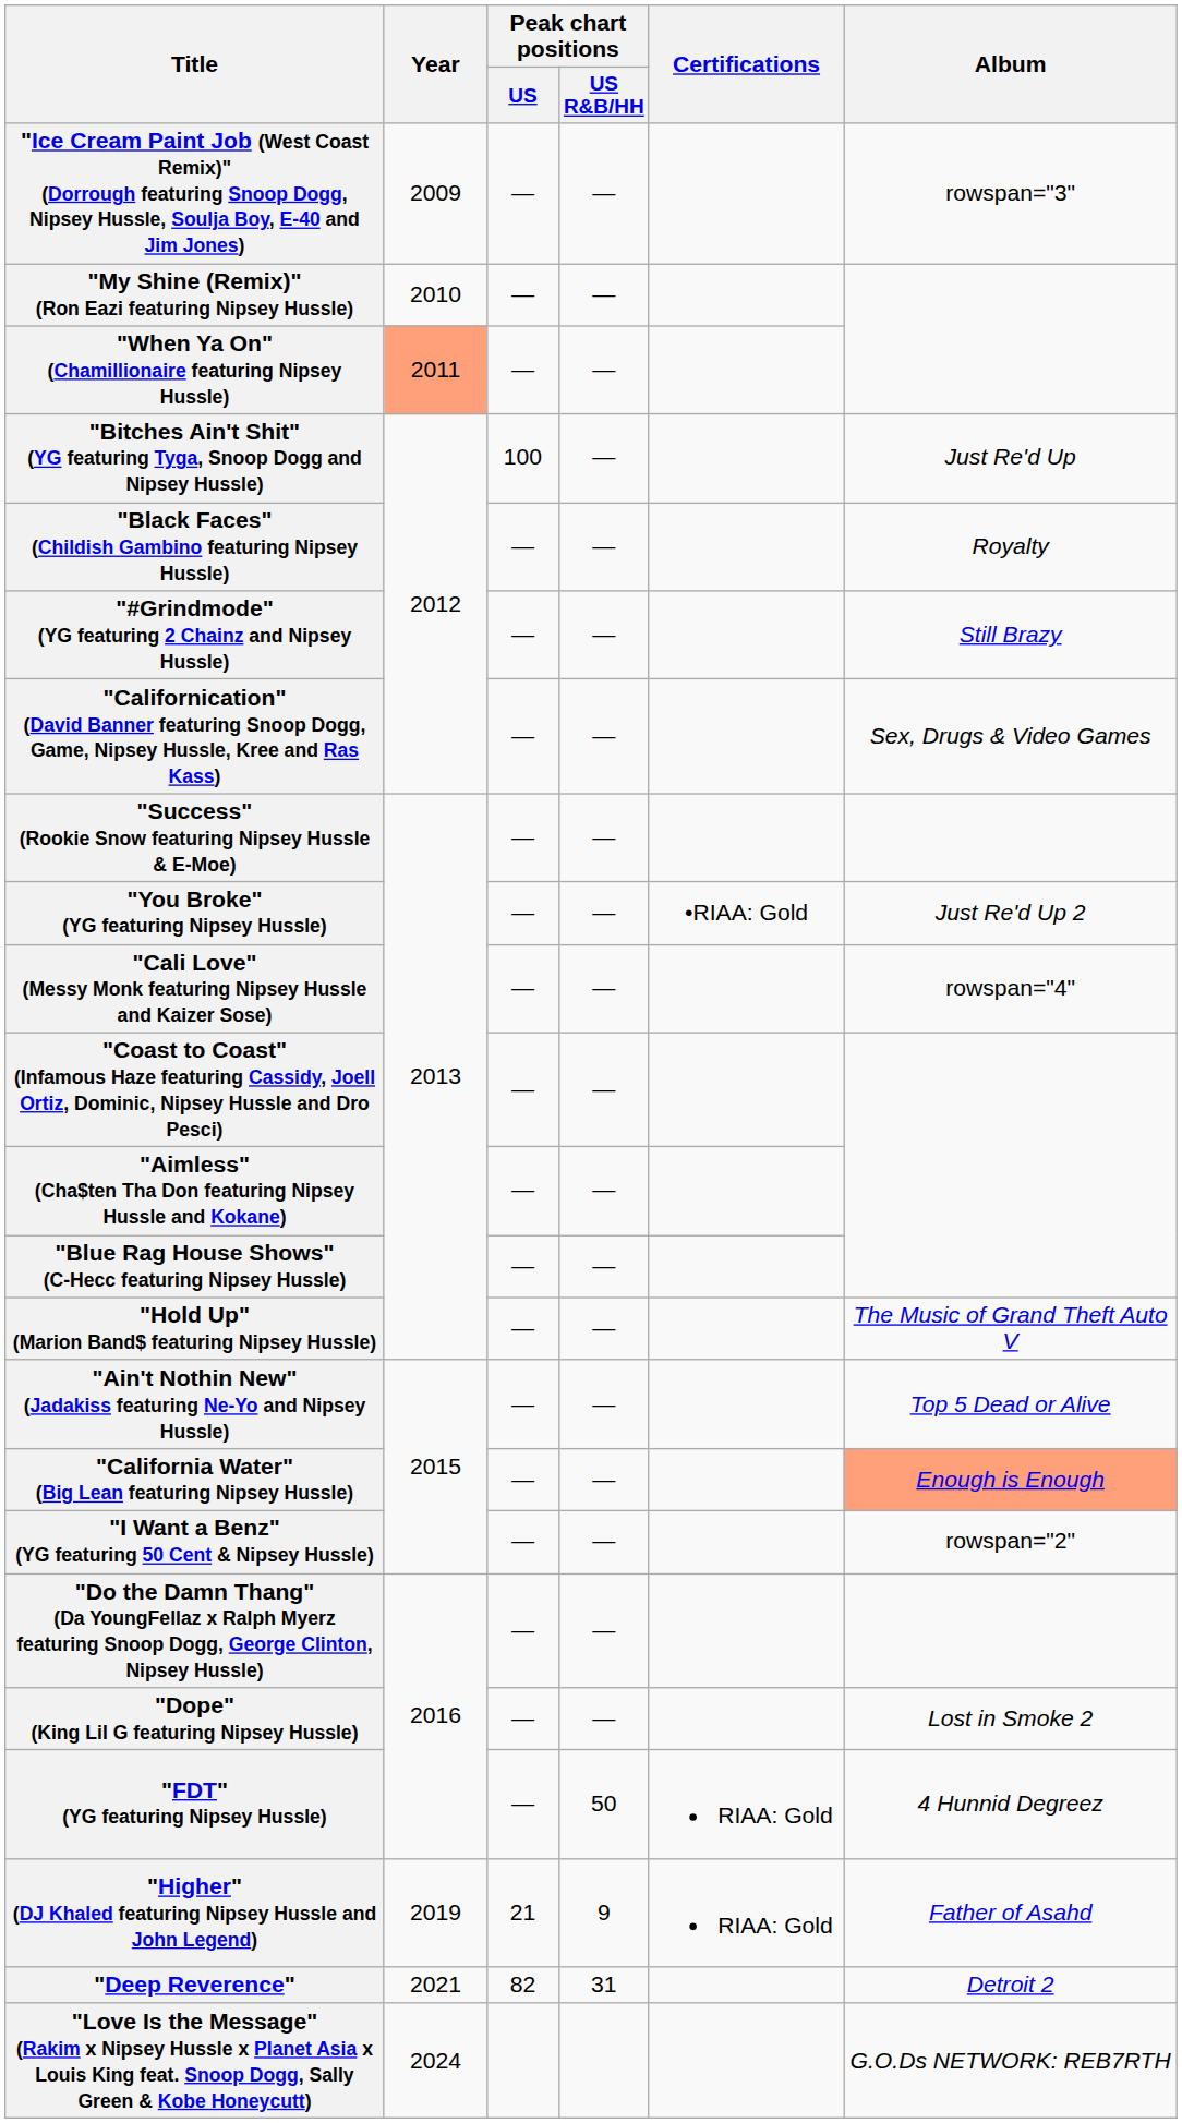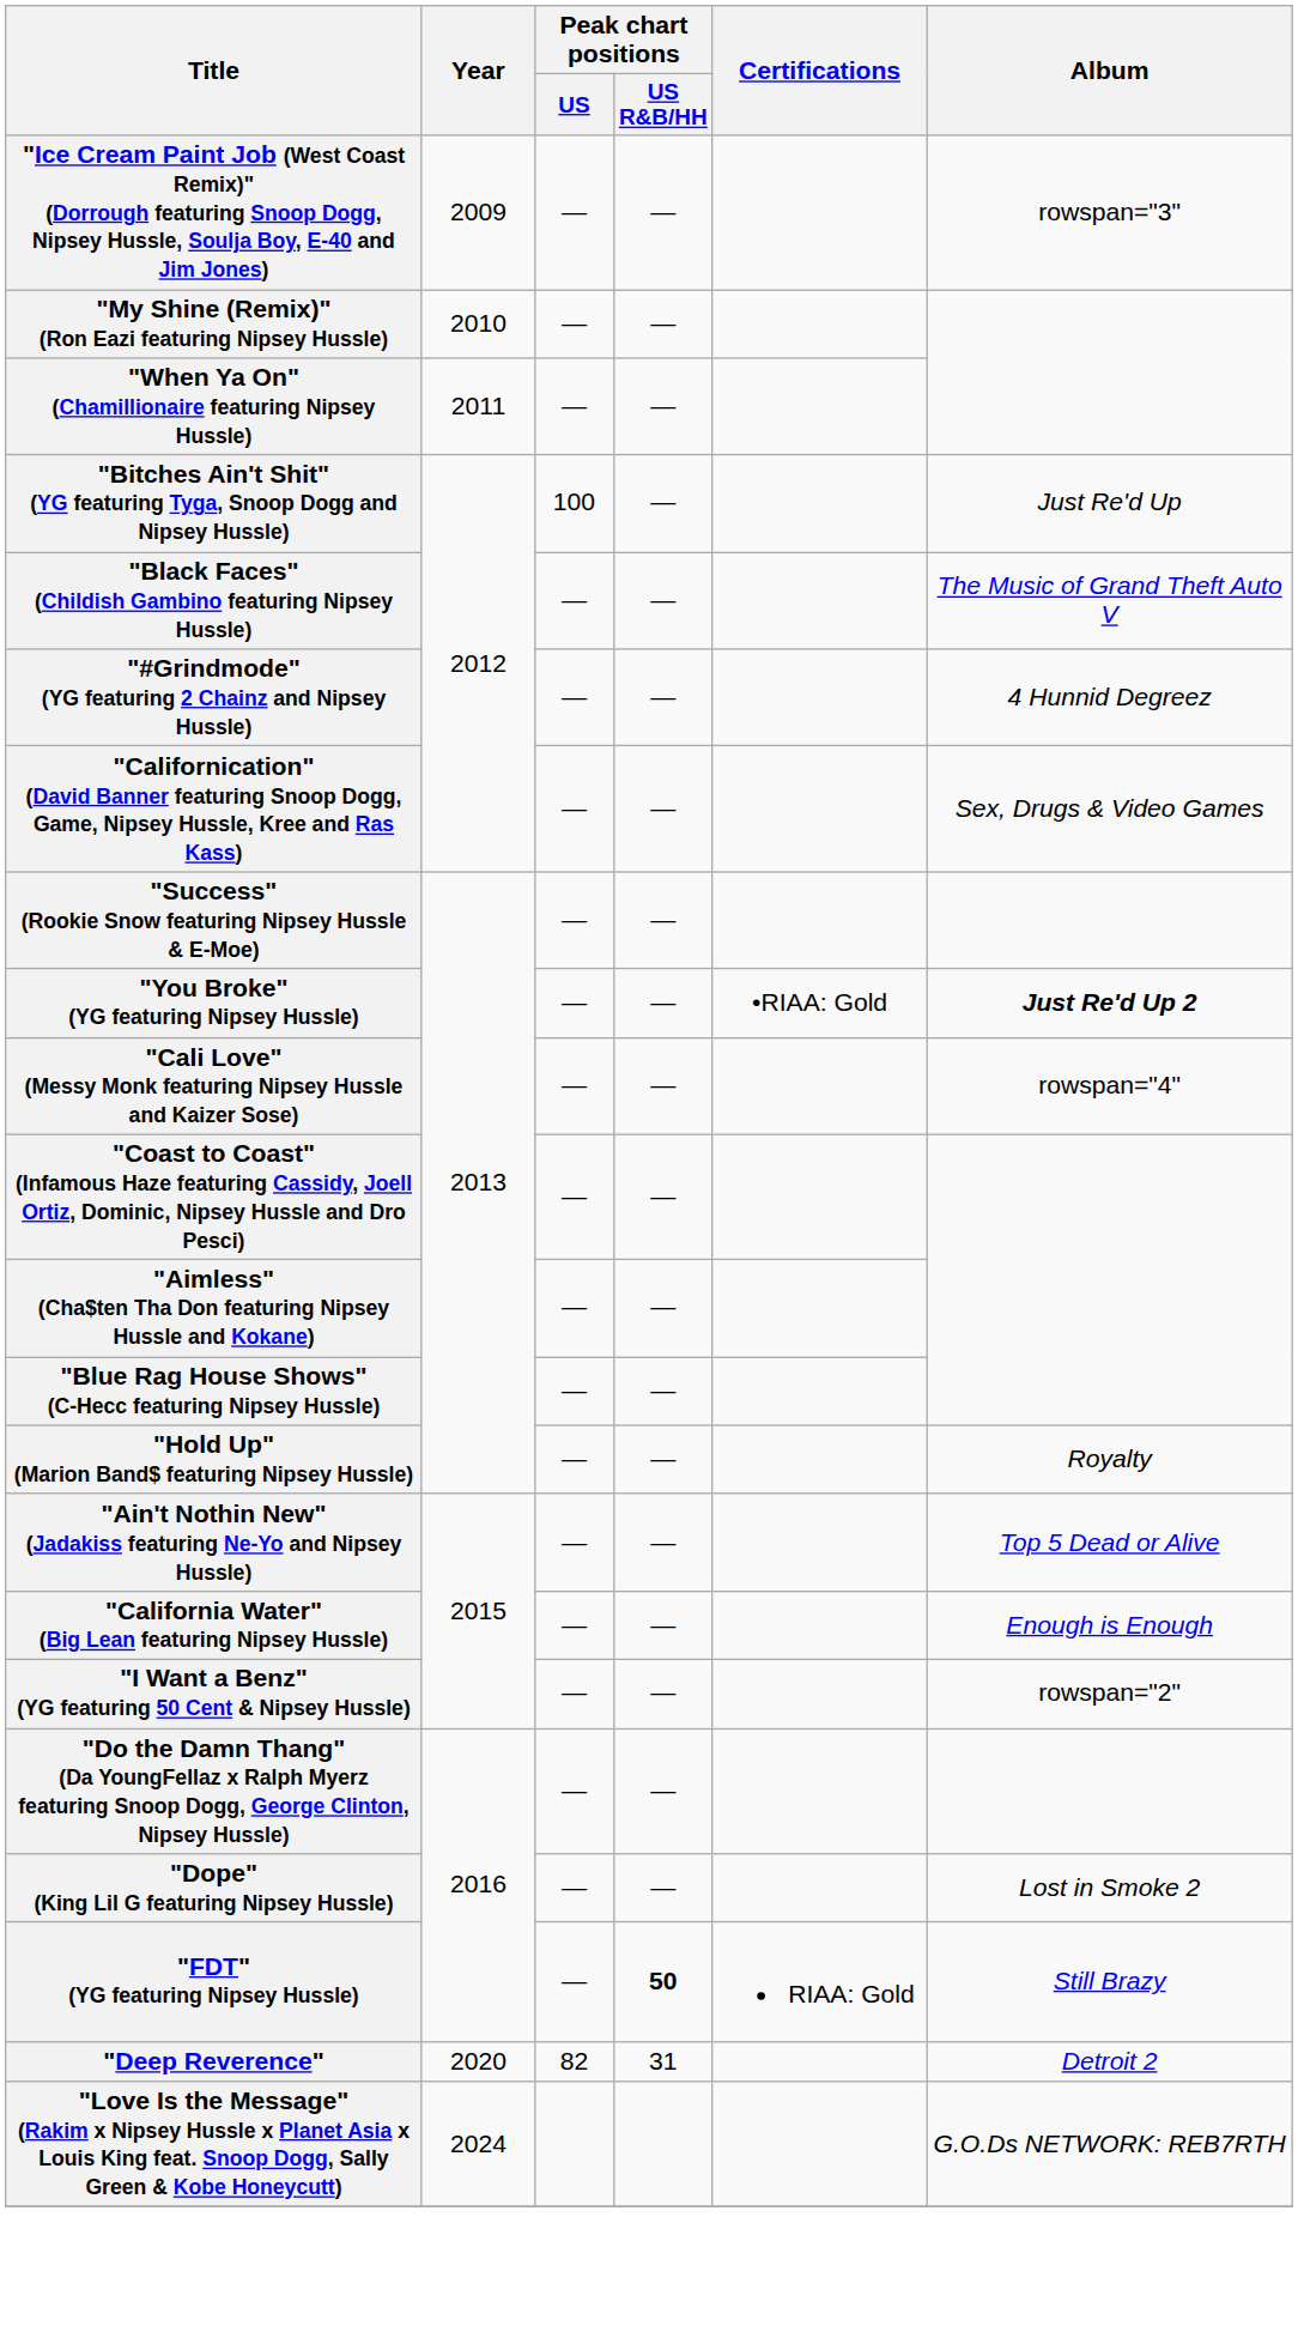 <table class="wikitable plainrowheaders" style="text-align:center">
 <tr>
 <th scope="col" rowspan="2" style="width:16em;">Title</th>
 <th scope="col" rowspan="2" style="width:4em;">Year</th>
 <th scope="col" colspan="2">Peak chart positions</th>
 <th scope="col" rowspan="2" style="width:8em;"><a href='#'>Certifications</a></th>
 <th scope="col" rowspan="2" style="width:14em;">Album</th>
 </tr>
 <tr>
 <th scope="col" style="width:3em;font-size:90%;"><a href='#'>US</a><br></th>
 <th scope="col" style="width:3em;font-size:90%;"><a href='#'>US<br>R&B/HH</a><br></th>
 </tr>
 <tr>
 <th scope="row">"<a href='#'>Ice Cream Paint Job</a> <small>(West Coast Remix)" <br>(<a href='#'>Dorrough</a> featuring <a href='#'>Snoop Dogg</a>, Nipsey Hussle, <a href='#'>Soulja Boy</a>, <a href='#'>E-40</a> and <a href='#'>Jim Jones</a>)</small></th>
 <td>2009</td>
 <td>—</td>
 <td>—</td>
 <td></td>
 <td>rowspan="3" </td>
 </tr>
 <tr>
 <th scope="row">"My Shine (Remix)" <br><small>(Ron Eazi featuring Nipsey Hussle)</small></th>
 <td>2010</td>
 <td>—</td>
 <td>—</td>
 <td></td>
 </tr>
 <tr>
 <th scope="row">"When Ya On" <br><small>(<a href='#'>Chamillionaire</a> featuring Nipsey Hussle)</small></th>
-<td style="background: lightsalmon;">2011</td>
+<td>2011</td>
 <td>—</td>
 <td>—</td>
 <td></td>
 </tr>
 <tr>
 <th scope="row">"Bitches Ain't Shit" <br><small>(<a href='#'>YG</a> featuring <a href='#'>Tyga</a>, Snoop Dogg and Nipsey Hussle)</small></th>
 <td rowspan="4">2012</td>
 <td>100</td>
 <td>—</td>
 <td></td>
 <td><em>Just Re'd Up</em></td>
 </tr>
 <tr>
 <th scope="row">"Black Faces" <br><small>(<a href='#'>Childish Gambino</a> featuring Nipsey Hussle)</small></th>
 <td>—</td>
 <td>—</td>
 <td></td>
-<td><em>Royalty</em></td>
+<td><em><a href='#'>The Music of Grand Theft Auto V</a></em></td>
 </tr>
 <tr>
 <th scope="row">"#Grindmode" <br><small>(YG featuring <a href='#'>2 Chainz</a> and Nipsey Hussle)</small></th>
 <td>—</td>
 <td>—</td>
 <td></td>
-<td><em><a href='#'>Still Brazy</a></em></td>
+<td><em>4 Hunnid Degreez</em></td>
 </tr>
 <tr>
 <th scope="row">"Californication" <br><small>(<a href='#'>David Banner</a> featuring Snoop Dogg, Game, Nipsey Hussle, Kree and <a href='#'>Ras Kass</a>)</small></th>
 <td>—</td>
 <td>—</td>
 <td></td>
 <td><em>Sex, Drugs & Video Games</em></td>
 </tr>
 <tr>
 <th scope="row">"Success" <br><small>(Rookie Snow featuring Nipsey Hussle & E-Moe)</small></th>
 <td rowspan="7">2013</td>
 <td>—</td>
 <td>—</td>
 <td></td>
 <td></td>
 </tr>
 <tr>
 <th scope="row">"You Broke" <br><small>(YG featuring Nipsey Hussle)</small></th>
 <td>—</td>
 <td>—</td>
 <td>•RIAA: Gold</td>
-<td><em>Just Re'd Up 2</em></td>
+<td><strong><em>Just Re'd Up 2</em></strong></td>
 </tr>
 <tr>
 <th scope="row">"Cali Love" <br><small>(Messy Monk featuring Nipsey Hussle and Kaizer Sose)</small></th>
 <td>—</td>
 <td>—</td>
 <td></td>
 <td>rowspan="4" </td>
 </tr>
 <tr>
 <th scope="row">"Coast to Coast" <br><small>(Infamous Haze featuring <a href='#'>Cassidy</a>, <a href='#'>Joell Ortiz</a>, Dominic, Nipsey Hussle and Dro Pesci)</small></th>
 <td>—</td>
 <td>—</td>
 <td></td>
 </tr>
 <tr>
 <th scope="row">"Aimless" <br><small>(Cha$ten Tha Don featuring Nipsey Hussle and <a href='#'>Kokane</a>)</small></th>
 <td>—</td>
 <td>—</td>
 <td></td>
 </tr>
 <tr>
 <th scope="row">"Blue Rag House Shows" <br><small>(C-Hecc featuring Nipsey Hussle)</small></th>
 <td>—</td>
 <td>—</td>
 <td></td>
 </tr>
 <tr>
 <th scope="row">"Hold Up" <br><small>(Marion Band$ featuring Nipsey Hussle)</small></th>
 <td>—</td>
 <td>—</td>
 <td></td>
-<td><em><a href='#'>The Music of Grand Theft Auto V</a></em></td>
+<td><em>Royalty</em></td>
 </tr>
 <tr>
 <th scope="row">"Ain't Nothin New" <br><small>(<a href='#'>Jadakiss</a> featuring <a href='#'>Ne-Yo</a> and Nipsey Hussle)</small></th>
 <td rowspan="3">2015</td>
 <td>—</td>
 <td>—</td>
 <td></td>
 <td><em><a href='#'>Top 5 Dead or Alive</a></em></td>
 </tr>
 <tr>
 <th scope="row">"California Water" <br><small>(<a href='#'>Big Lean</a> featuring Nipsey Hussle)</small></th>
 <td>—</td>
 <td>—</td>
 <td></td>
-<td style="background: lightsalmon;"><em><a href='#'>Enough is Enough</a></em></td>
+<td><em><a href='#'>Enough is Enough</a></em></td>
 </tr>
 <tr>
 <th scope="row">"I Want a Benz" <br><small>(YG featuring <a href='#'>50 Cent</a> & Nipsey Hussle)</small></th>
 <td>—</td>
 <td>—</td>
 <td></td>
 <td>rowspan="2" </td>
 </tr>
 <tr>
 <th scope="row">"Do the Damn Thang" <br><small>(Da YoungFellaz x Ralph Myerz featuring Snoop Dogg, <a href='#'>George Clinton</a>, Nipsey Hussle)</small></th>
 <td rowspan="3">2016</td>
 <td>—</td>
 <td>—</td>
 <td></td>
 </tr>
 <tr>
 <th scope="row">"Dope" <br><small>(King Lil G featuring Nipsey Hussle)</small></th>
 <td>—</td>
 <td>—</td>
 <td></td>
 <td><em>Lost in Smoke 2</em></td>
 </tr>
 <tr>
 <th scope="row">"<a href='#'>FDT</a>" <br><small>(YG featuring Nipsey Hussle)</small></th>
 <td>—</td>
-<td>50</td>
+<td><strong>50</strong></td>
 <td><br><ul><li>RIAA: Gold</li></ul></td>
-<td><em>4 Hunnid Degreez</em></td>
-</tr>
-<tr>
-<th scope="row">"<a href='#'>Higher</a>" <br><small>(<a href='#'>DJ Khaled</a> featuring Nipsey Hussle and <a href='#'>John Legend</a>)</small></th>
-<td>2019</td>
-<td>21</td>
-<td>9</td>
-<td><br><ul><li>RIAA: Gold</li></ul></td>
-<td><em><a href='#'>Father of Asahd</a></em></td>
+<td><em><a href='#'>Still Brazy</a></em></td>
 </tr>
 <tr>
 <th scope="row">"<a href='#'>Deep Reverence</a>"<br></th>
-<td>2021</td>
+<td>2020</td>
 <td>82</td>
 <td>31</td>
 <td></td>
 <td><em><a href='#'>Detroit 2</a></em></td>
 </tr>
 <tr>
 <th scope="row">"Love Is the Message" <br><small>(<a href='#'>Rakim</a> x Nipsey Hussle x <a href='#'>Planet Asia</a> x Louis King feat. <a href='#'>Snoop Dogg</a>, Sally Green & <a href='#'>Kobe Honeycutt</a>)</small></th>
 <td>2024</td>
 <td></td>
 <td></td>
 <td></td>
 <td><em>G.O.Ds NETWORK: REB7RTH</em></td>
 </tr>
 <tr>
 </tr>
 </table>
